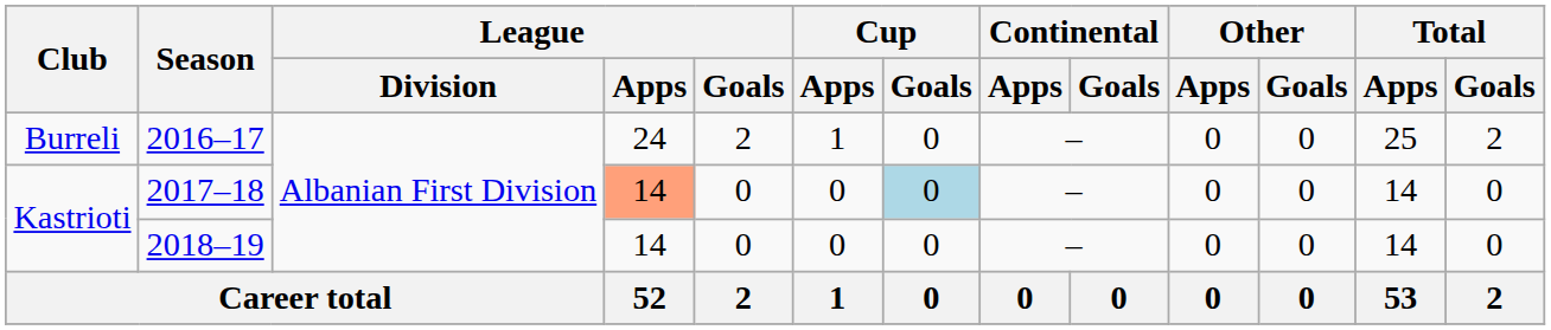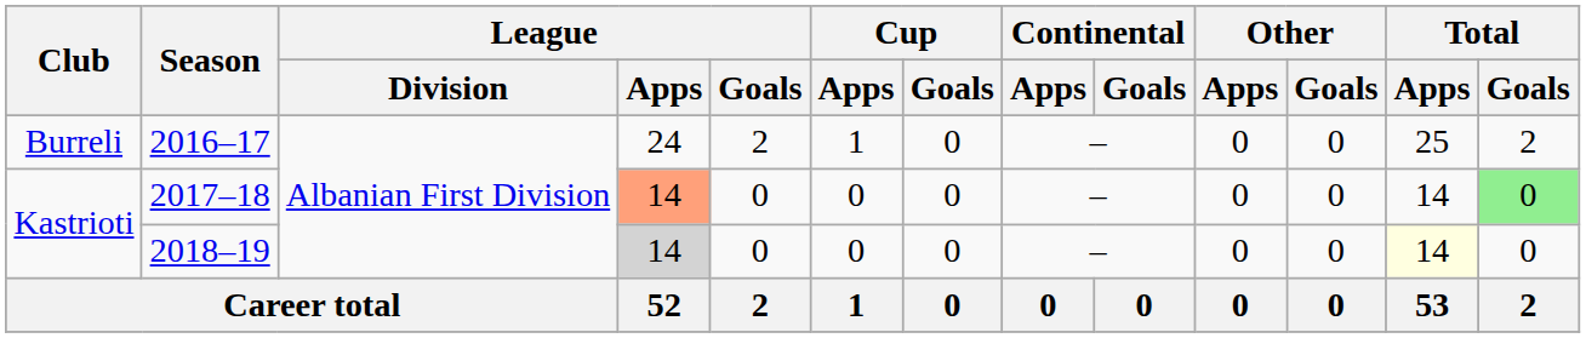 <table class="wikitable" style="text-align: center">
 <tr>
 <th rowspan="2">Club</th>
 <th rowspan="2">Season</th>
 <th colspan="3">League</th>
 <th colspan="2">Cup</th>
 <th colspan="2">Continental</th>
 <th colspan="2">Other</th>
 <th colspan="2">Total</th>
 </tr>
 <tr>
 <th>Division</th>
 <th>Apps</th>
 <th>Goals</th>
 <th>Apps</th>
 <th>Goals</th>
 <th>Apps</th>
 <th>Goals</th>
 <th>Apps</th>
 <th>Goals</th>
 <th>Apps</th>
 <th>Goals</th>
 </tr>
 <tr>
 <td><a href='#'>Burreli</a></td>
 <td><a href='#'>2016–17</a></td>
 <td rowspan="3"><a href='#'>Albanian First Division</a></td>
 <td>24</td>
 <td>2</td>
 <td>1</td>
 <td>0</td>
 <td colspan="2">–</td>
 <td>0</td>
 <td>0</td>
 <td>25</td>
 <td>2</td>
 </tr>
 <tr>
 <td rowspan="2"><a href='#'>Kastrioti</a></td>
 <td><a href='#'>2017–18</a></td>
 <td style="background: lightsalmon;">14</td>
 <td>0</td>
 <td>0</td>
-<td style="background: lightblue;">0</td>
+<td>0</td>
 <td colspan="2">–</td>
 <td>0</td>
 <td>0</td>
 <td>14</td>
-<td>0</td>
+<td style="background: lightgreen;">0</td>
 </tr>
 <tr>
 <td><a href='#'>2018–19</a></td>
-<td>14</td>
+<td style="background: lightgrey;">14</td>
 <td>0</td>
 <td>0</td>
 <td>0</td>
 <td colspan="2">–</td>
 <td>0</td>
 <td>0</td>
-<td>14</td>
+<td style="background: lightyellow;">14</td>
 <td>0</td>
 </tr>
 <tr>
 <th colspan="3"><strong>Career total</strong></th>
 <th>52</th>
 <th>2</th>
 <th>1</th>
 <th>0</th>
 <th>0</th>
 <th>0</th>
 <th>0</th>
 <th>0</th>
 <th>53</th>
 <th>2</th>
 </tr>
 </table>
